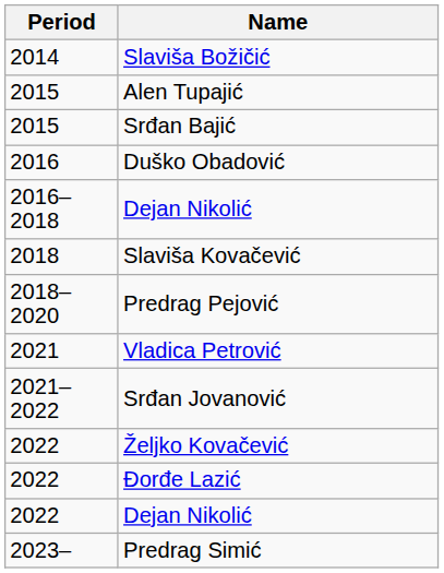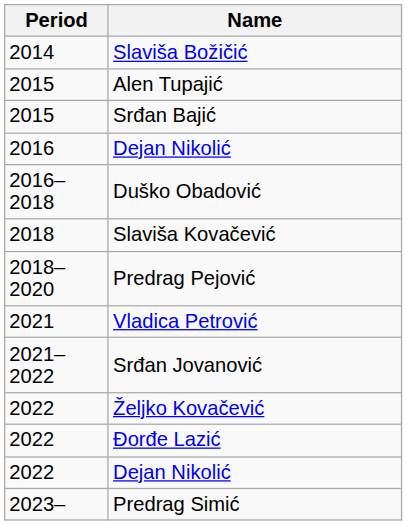 <table class="wikitable">
 <tr>
 <th width="75">Period</th>
 <th width="225">Name</th>
 </tr>
 <tr>
 <td>2014</td>
 <td> <a href='#'>Slaviša Božičić</a></td>
 </tr>
 <tr>
 <td>2015</td>
 <td> Alen Tupajić</td>
 </tr>
 <tr>
 <td>2015</td>
 <td> Srđan Bajić</td>
 </tr>
 <tr>
 <td>2016</td>
-<td> Duško Obadović</td>
+<td> <a href='#'>Dejan Nikolić</a></td>
 </tr>
 <tr>
 <td>2016–2018</td>
-<td> <a href='#'>Dejan Nikolić</a></td>
+<td> Duško Obadović</td>
 </tr>
 <tr>
 <td>2018</td>
 <td> Slaviša Kovačević</td>
 </tr>
 <tr>
 <td>2018–2020</td>
 <td> Predrag Pejović</td>
 </tr>
 <tr>
 <td>2021</td>
 <td> <a href='#'>Vladica Petrović</a></td>
 </tr>
 <tr>
 <td>2021–2022</td>
 <td> Srđan Jovanović</td>
 </tr>
 <tr>
 <td>2022</td>
 <td> <a href='#'>Željko Kovačević</a></td>
 </tr>
 <tr>
 <td>2022</td>
 <td> <a href='#'>Đorđe Lazić</a></td>
 </tr>
 <tr>
 <td>2022</td>
 <td> <a href='#'>Dejan Nikolić</a></td>
 </tr>
 <tr>
 <td>2023–</td>
 <td> Predrag Simić</td>
 </tr>
 </table>
